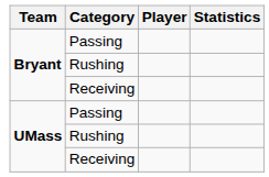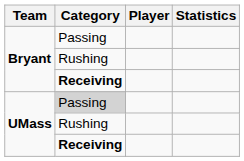 <table class="wikitable" style="float: right;">
 <tr>
 <th>Team</th>
 <th>Category</th>
 <th>Player</th>
 <th>Statistics</th>
 </tr>
 <tr>
 <td rowspan=3><strong>Bryant</strong></td>
 <td>Passing</td>
 <td></td>
 <td></td>
 </tr>
 <tr>
 <td>Rushing</td>
 <td></td>
 <td></td>
 </tr>
 <tr>
-<td>Receiving</td>
+<td><strong>Receiving</strong></td>
 <td></td>
 <td></td>
 </tr>
 <tr>
 <td rowspan=3><strong>UMass</strong></td>
-<td>Passing</td>
+<td style="background: lightgrey;">Passing</td>
 <td></td>
 <td></td>
 </tr>
 <tr>
 <td>Rushing</td>
 <td></td>
 <td></td>
 </tr>
 <tr>
-<td>Receiving</td>
+<td><strong>Receiving</strong></td>
 <td></td>
 <td></td>
 </tr>
 </table>
